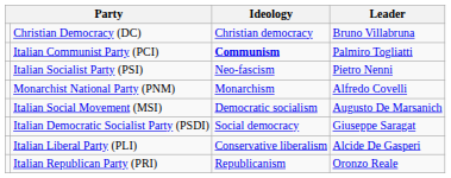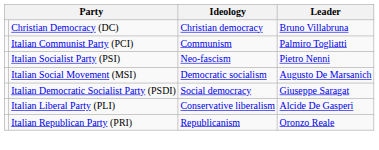 <table class=wikitable style=text-align:left>
 <tr>
 <th colspan=2>Party</th>
 <th>Ideology</th>
 <th>Leader</th>
 </tr>
 <tr>
 <td></td>
 <td><a href='#'>Christian Democracy</a> (DC)</td>
 <td><a href='#'>Christian democracy</a></td>
 <td><a href='#'>Bruno Villabruna</a></td>
 </tr>
 <tr>
 <td></td>
 <td><a href='#'>Italian Communist Party</a> (PCI)</td>
-<td><strong><a href='#'>Communism</a></strong></td>
+<td><a href='#'>Communism</a></td>
 <td><a href='#'>Palmiro Togliatti</a></td>
 </tr>
 <tr>
 <td></td>
 <td><a href='#'>Italian Socialist Party</a> (PSI)</td>
 <td><a href='#'>Neo-fascism</a></td>
 <td><a href='#'>Pietro Nenni</a></td>
-</tr>
-<tr>
-<td></td>
-<td><a href='#'>Monarchist National Party</a> (PNM)</td>
-<td><a href='#'>Monarchism</a></td>
-<td><a href='#'>Alfredo Covelli</a></td>
 </tr>
 <tr>
 <td></td>
 <td><a href='#'>Italian Social Movement</a> (MSI)</td>
 <td><a href='#'>Democratic socialism</a></td>
 <td><a href='#'>Augusto De Marsanich</a></td>
 </tr>
 <tr>
 <td></td>
 <td><a href='#'>Italian Democratic Socialist Party</a> (PSDI)</td>
 <td><a href='#'>Social democracy</a></td>
 <td><a href='#'>Giuseppe Saragat</a></td>
 </tr>
 <tr>
 <td></td>
 <td><a href='#'>Italian Liberal Party</a> (PLI)</td>
 <td><a href='#'>Conservative liberalism</a></td>
 <td><a href='#'>Alcide De Gasperi</a></td>
 </tr>
 <tr>
 <td></td>
 <td><a href='#'>Italian Republican Party</a> (PRI)</td>
 <td><a href='#'>Republicanism</a></td>
 <td><a href='#'>Oronzo Reale</a></td>
 </tr>
 </table>
